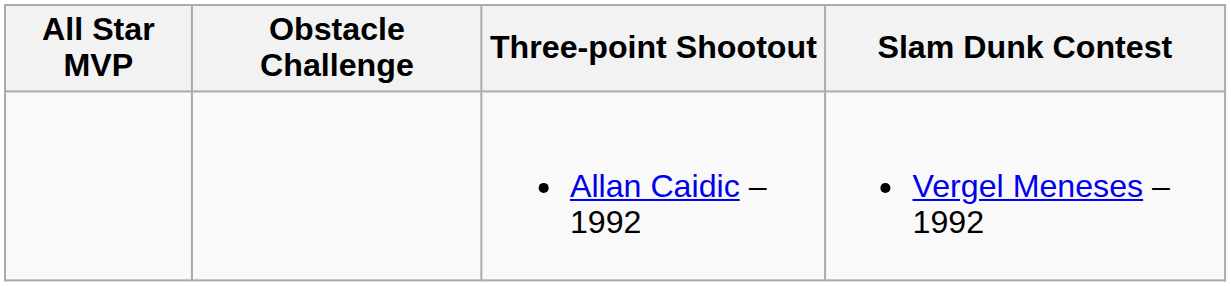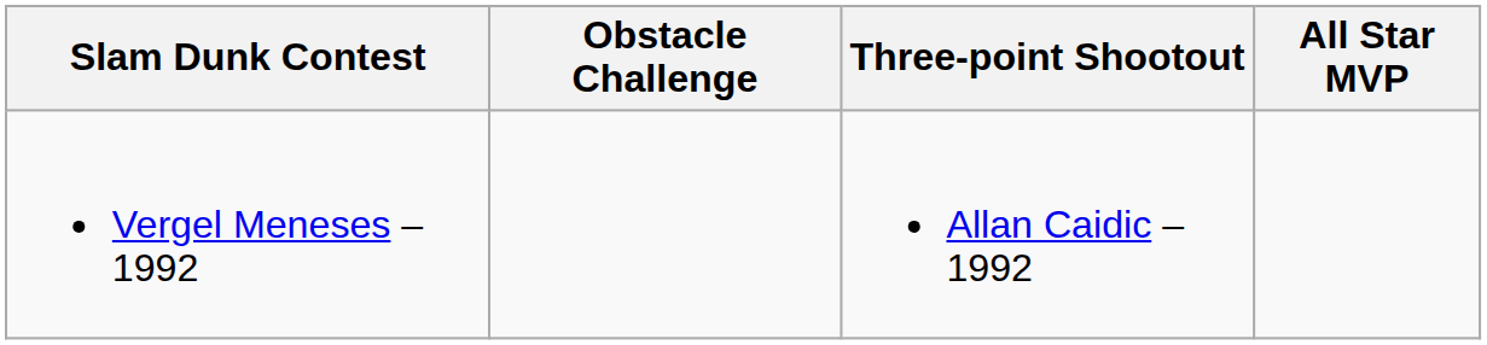 <table class=wikitable>
 <tr>
-<th>All Star MVP</th>
+<th>Slam Dunk Contest</th>
 <th>Obstacle Challenge</th>
 <th>Three-point Shootout</th>
-<th>Slam Dunk Contest</th>
+<th>All Star MVP</th>
 </tr>
 <tr>
-<td valign="top"></td>
+<td valign="top"><br><ul><li><a href='#'>Vergel Meneses</a> – 1992</li></ul></td>
 <td valign="top"></td>
 <td valign="top"><br><ul><li><a href='#'>Allan Caidic</a> – 1992</li></ul></td>
-<td valign="top"><br><ul><li><a href='#'>Vergel Meneses</a> – 1992</li></ul></td>
+<td valign="top"></td>
 </tr>
 </table>
